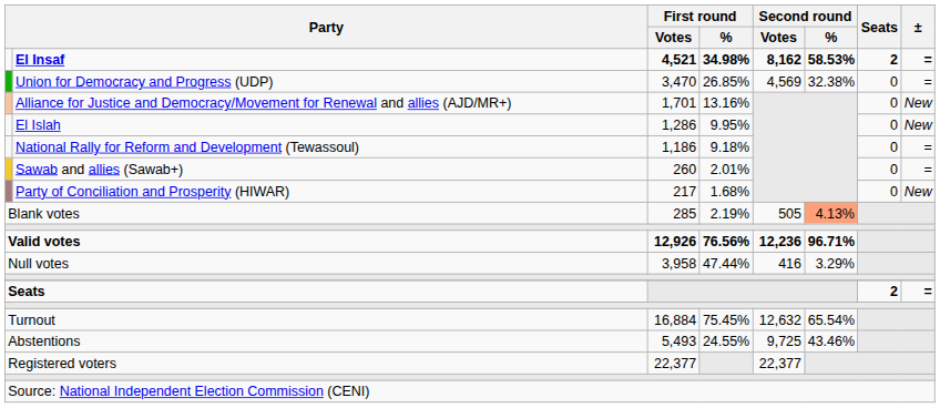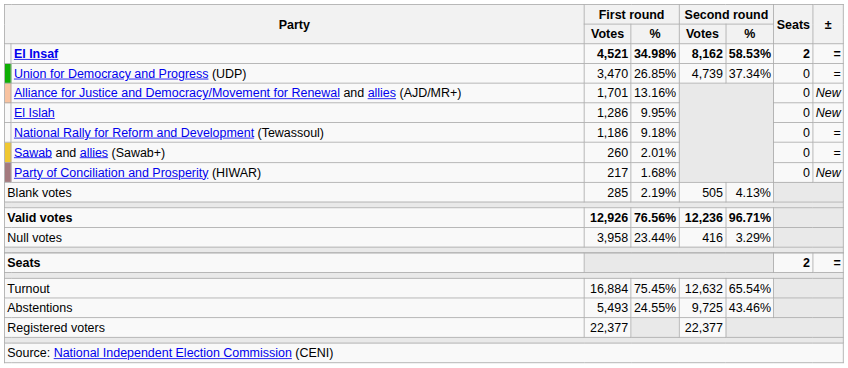 <table class="wikitable" style="text-align:right;font-size:95%;">
 <tr>
 <th rowspan="2" colspan="2" width="700">Party</th>
 <th colspan="2">First round</th>
 <th colspan="2">Second round</th>
 <th rowspan="2" width="25">Seats</th>
 <th rowspan="2" width="20">±</th>
 </tr>
 <tr>
 <th width="50">Votes</th>
 <th width="50">%</th>
 <th width="50">Votes</th>
 <th width="50">%</th>
 </tr>
 <tr>
 <td width="1" style="color:inherit;background:"></td>
 <td style="text-align:left;"><strong><a href='#'>El Insaf</a></strong></td>
 <td><strong>4,521</strong></td>
 <td><strong>34.98%</strong></td>
 <td><strong>8,162</strong></td>
 <td><strong>58.53%</strong></td>
 <td><strong>2</strong></td>
 <td><strong>=</strong></td>
 </tr>
 <tr>
 <td width="1" style="color:inherit;background:#0FAF05;"></td>
 <td style="text-align:left;"><a href='#'>Union for Democracy and Progress</a> (UDP)</td>
 <td>3,470</td>
 <td>26.85%</td>
-<td>4,569</td>
-<td>32.38%</td>
+<td>4,739</td>
+<td>37.34%</td>
 <td>0</td>
 <td>=</td>
 </tr>
 <tr>
 <td width="1" style="color:inherit;background:#F8C3A0;"></td>
 <td style="text-align:left;"><a href='#'>Alliance for Justice and Democracy/Movement for Renewal</a> and <a href='#'>allies</a> (AJD/MR+)</td>
 <td>1,701</td>
 <td>13.16%</td>
 <td colspan="2" rowspan="5" style="background:#E9E9E9;"></td>
 <td>0</td>
 <td><em>New</em></td>
 </tr>
 <tr>
 <td width="1" style="color:inherit;background:"></td>
 <td style="text-align:left;"><a href='#'>El Islah</a></td>
 <td>1,286</td>
 <td>9.95%</td>
 <td>0</td>
 <td><em>New</em></td>
 </tr>
 <tr>
 <td width="1" style="color:inherit;background:"></td>
 <td style="text-align:left;"><a href='#'>National Rally for Reform and Development</a> (Tewassoul)</td>
 <td>1,186</td>
 <td>9.18%</td>
 <td>0</td>
 <td>=</td>
 </tr>
 <tr>
 <td width="1" style="color:inherit;background:#F0C832;"></td>
 <td style="text-align:left;"><a href='#'>Sawab</a> and <a href='#'>allies</a> (Sawab+)</td>
 <td>260</td>
 <td>2.01%</td>
 <td>0</td>
 <td>=</td>
 </tr>
 <tr>
 <td width="1" style="color:inherit;background:#A47A7E;"></td>
 <td style="text-align:left;"><a href='#'>Party of Conciliation and Prosperity</a> (HIWAR)</td>
 <td>217</td>
 <td>1.68%</td>
 <td>0</td>
 <td><em>New</em></td>
 </tr>
 <tr>
 <td colspan="2" style="text-align:left;">Blank votes</td>
 <td>285</td>
 <td>2.19%</td>
 <td>505</td>
-<td style="background: lightsalmon;">4.13%</td>
+<td>4.13%</td>
 <td colspan="2" style="background:#E9E9E9;"></td>
 </tr>
 <tr>
 <td colspan="8" style="background:#E9E9E9;"></td>
 </tr>
 <tr style="font-weight:bold;">
 <td colspan="2" style="text-align:left;">Valid votes</td>
 <td>12,926</td>
 <td>76.56%</td>
 <td>12,236</td>
 <td>96.71%</td>
 <td colspan="2" style="background:#E9E9E9;"></td>
 </tr>
 <tr>
 <td colspan="2" style="text-align:left;">Null votes</td>
 <td>3,958</td>
-<td>47.44%</td>
+<td>23.44%</td>
 <td>416</td>
 <td>3.29%</td>
 <td colspan="2" style="background:#E9E9E9;"></td>
 </tr>
 <tr>
 <td colspan="8" style="background:#E9E9E9;"></td>
 </tr>
 <tr>
 </tr>
 <tr style="font-weight:bold;">
 <td colspan="2" style="text-align:left;">Seats</td>
 <td colspan="4" style="background:#E9E9E9;"></td>
 <td>2</td>
 <td>=</td>
 </tr>
 <tr>
 <td colspan="8" style="background:#E9E9E9;"></td>
 </tr>
 <tr>
 <td colspan="2" style="text-align:left;">Turnout</td>
 <td>16,884</td>
 <td>75.45%</td>
 <td>12,632</td>
 <td>65.54%</td>
 <td colspan="2" style="background:#E9E9E9;"></td>
 </tr>
 <tr>
 <td colspan="2" style="text-align:left;">Abstentions</td>
 <td>5,493</td>
 <td>24.55%</td>
 <td>9,725</td>
 <td>43.46%</td>
 <td colspan="2" style="background:#E9E9E9;"></td>
 </tr>
 <tr>
 <td colspan="2" style="text-align:left;">Registered voters</td>
 <td>22,377</td>
 <td style="color:inherit;background:#E9E9E9;"></td>
 <td>22,377</td>
 <td colspan="3" style="background:#E9E9E9;"></td>
 </tr>
 <tr>
 <td colspan="8" style="background:#E9E9E9;"></td>
 </tr>
 <tr>
 <td colspan="8" style="text-align:left;">Source: <a href='#'>National Independent Election Commission</a> (CENI)</td>
 </tr>
 </table>
